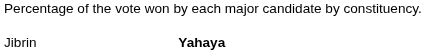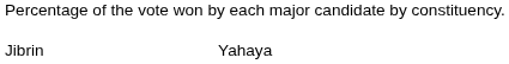 <table align=right>
 <tr>
 <td colspan=2>Percentage of the vote won by each major candidate by constituency.</td>
 </tr>
 <tr>
 <td><br>Jibrin<br> </td>
-<td><strong><br>Yahaya<br>  </strong></td>
+<td><br>Yahaya<br>  </td>
 </tr>
 </table>
